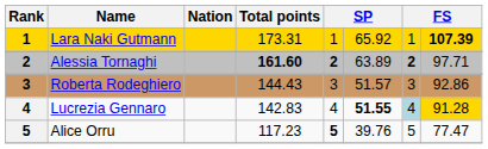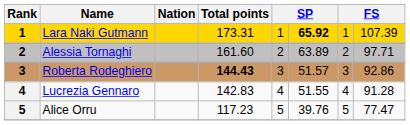 <table class="wikitable sortable">
 <tr>
 <th>Rank</th>
 <th>Name</th>
 <th>Nation</th>
 <th>Total points</th>
 <th colspan="2" width="80px"><a href='#'>SP</a></th>
 <th colspan="2" width="80px"><a href='#'>FS</a></th>
 </tr>
 <tr bgcolor="gold">
 <td align="center"><strong>1</strong></td>
 <td><a href='#'>Lara Naki Gutmann</a></td>
 <td></td>
 <td align="center">173.31</td>
 <td align="center">1</td>
-<td align="center">65.92</td>
+<td align="center"><strong>65.92</strong></td>
 <td align="center">1</td>
-<td align="center"><strong>107.39</strong></td>
+<td align="center">107.39</td>
 </tr>
 <tr>
 </tr>
 <tr bgcolor="silver">
 <td align="center"><strong>2</strong></td>
 <td><a href='#'>Alessia Tornaghi</a></td>
 <td></td>
-<td align="center"><strong>161.60</strong></td>
-<td align="center"><strong>2</strong></td>
+<td align="center">161.60</td>
+<td align="center">2</td>
 <td align="center">63.89</td>
-<td align="center"><strong>2</strong></td>
+<td align="center">2</td>
 <td align="center">97.71</td>
 </tr>
 <tr>
 </tr>
 <tr bgcolor="cc9966">
 <td align="center"><strong>3</strong></td>
 <td><a href='#'>Roberta Rodeghiero</a></td>
 <td></td>
-<td align="center">144.43</td>
+<td align="center"><strong>144.43</strong></td>
 <td align="center">3</td>
 <td align="center">51.57</td>
 <td align="center">3</td>
 <td align="center">92.86</td>
 </tr>
 <tr>
 <th>4</th>
 <td><a href='#'>Lucrezia Gennaro</a></td>
 <td></td>
 <td align="center">142.83</td>
 <td align="center">4</td>
-<td align="center"><strong>51.55</strong></td>
-<td align="center" style="background: lightblue;">4</td>
-<td align="center" style="background: gold;">91.28</td>
+<td align="center">51.55</td>
+<td align="center">4</td>
+<td align="center">91.28</td>
 </tr>
 <tr>
 <th>5</th>
 <td>Alice Orru</td>
 <td></td>
 <td align="center">117.23</td>
-<td align="center"><strong>5</strong></td>
+<td align="center">5</td>
 <td align="center">39.76</td>
 <td align="center">5</td>
 <td align="center">77.47</td>
 </tr>
 <tr>
 </tr>
 </table>
